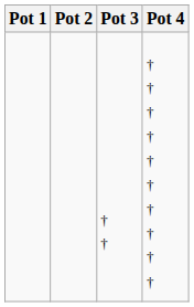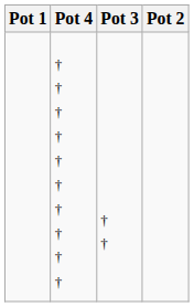 <table class=wikitable>
 <tr>
 <th width=25%>Pot 1</th>
+<th width=25%>Pot 4</th>
+<th width=25%>Pot 3</th>
 <th width=25%>Pot 2</th>
-<th width=25%>Pot 3</th>
-<th width=25%>Pot 4</th>
 </tr>
 <tr valign=top>
 <td><br><br> <br> <br> <br> <br> <br> <br> <br> <br> <br></td>
+<td><br><sup>†</sup><br> <sup>†</sup><br> <sup>†</sup><br> <sup>†</sup><br> <sup>†</sup><br> <sup>†</sup><br> <sup>†</sup><br> <sup>†</sup><br> <sup>†</sup><br> <sup>†</sup><br></td>
+<td><br><br> <br> <br> <br> <br> <br> <br> <br> <sup>†</sup><br> <sup>†</sup><br></td>
 <td><br><br> <br> <br> <br> <br> <br> <br> <br> <br> <br></td>
-<td><br><br> <br> <br> <br> <br> <br> <br> <br> <sup>†</sup><br> <sup>†</sup><br></td>
-<td><br><sup>†</sup><br> <sup>†</sup><br> <sup>†</sup><br> <sup>†</sup><br> <sup>†</sup><br> <sup>†</sup><br> <sup>†</sup><br> <sup>†</sup><br> <sup>†</sup><br> <sup>†</sup><br></td>
 </tr>
 </table>
